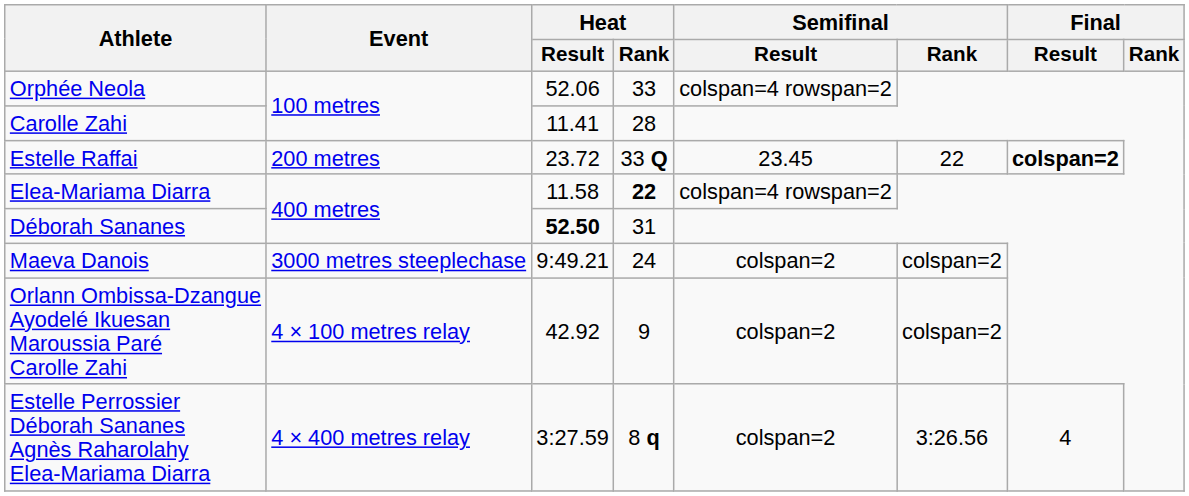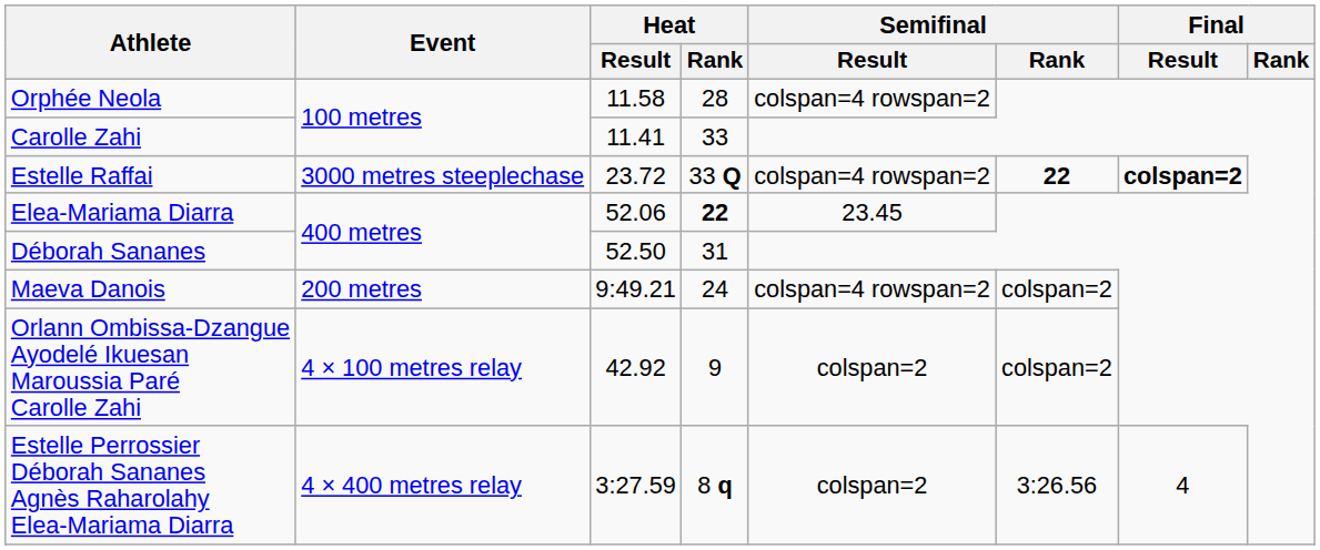 <table class=wikitable style=font-size:90%>
 <tr>
 <th rowspan=2>Athlete</th>
 <th rowspan=2>Event</th>
 <th colspan=2>Heat</th>
 <th colspan=2>Semifinal</th>
 <th colspan=2>Final</th>
 </tr>
 <tr style=font-size:95%>
 <th>Result</th>
 <th>Rank</th>
 <th>Result</th>
 <th>Rank</th>
 <th>Result</th>
 <th>Rank</th>
 </tr>
 <tr align=center>
 <td align=left><a href='#'>Orphée Neola</a></td>
 <td align=left rowspan=2><a href='#'>100 metres</a></td>
-<td>52.06</td>
-<td>33</td>
+<td>11.58</td>
+<td>28</td>
 <td>colspan=4 rowspan=2 </td>
 </tr>
 <tr align=center>
 <td align=left><a href='#'>Carolle Zahi</a></td>
 <td>11.41</td>
-<td>28</td>
+<td>33</td>
 </tr>
 <tr align=center>
 <td align=left><a href='#'>Estelle Raffai</a></td>
-<td align=left><a href='#'>200 metres</a></td>
+<td align=left><a href='#'>3000 metres steeplechase</a></td>
 <td>23.72</td>
 <td>33 <strong>Q</strong></td>
-<td>23.45</td>
-<td>22</td>
+<td>colspan=4 rowspan=2 </td>
+<td><strong>22</strong></td>
 <td><strong>colspan=2 </strong></td>
 </tr>
 <tr align=center>
 <td align=left><a href='#'>Elea-Mariama Diarra</a></td>
 <td align=left rowspan=2><a href='#'>400 metres</a></td>
-<td>11.58</td>
+<td>52.06</td>
 <td><strong>22</strong></td>
-<td>colspan=4 rowspan=2 </td>
+<td>23.45</td>
 </tr>
 <tr align=center>
 <td align=left><a href='#'>Déborah Sananes</a></td>
-<td><strong>52.50</strong></td>
+<td>52.50</td>
 <td>31</td>
 </tr>
 <tr align=center>
 <td align=left><a href='#'>Maeva Danois</a></td>
-<td align=left><a href='#'>3000 metres steeplechase</a></td>
+<td align=left><a href='#'>200 metres</a></td>
 <td>9:49.21</td>
 <td>24</td>
-<td>colspan=2 </td>
+<td>colspan=4 rowspan=2 </td>
 <td>colspan=2 </td>
 </tr>
 <tr align=center>
 <td align=left><a href='#'>Orlann Ombissa-Dzangue</a><br><a href='#'>Ayodelé Ikuesan</a><br><a href='#'>Maroussia Paré</a><br><a href='#'>Carolle Zahi</a></td>
 <td align=left><a href='#'>4 × 100 metres relay</a></td>
 <td>42.92 <strong></strong></td>
 <td>9</td>
 <td>colspan=2 </td>
 <td>colspan=2 </td>
 </tr>
 <tr align=center>
 <td align=left><a href='#'>Estelle Perrossier</a><br><a href='#'>Déborah Sananes</a><br><a href='#'>Agnès Raharolahy</a><br><a href='#'>Elea-Mariama Diarra</a></td>
 <td align=left><a href='#'>4 × 400 metres relay</a></td>
 <td>3:27.59 <strong></strong></td>
 <td>8 <strong>q</strong></td>
 <td>colspan=2 </td>
 <td>3:26.56 <strong></strong></td>
 <td>4</td>
 </tr>
 </table>
